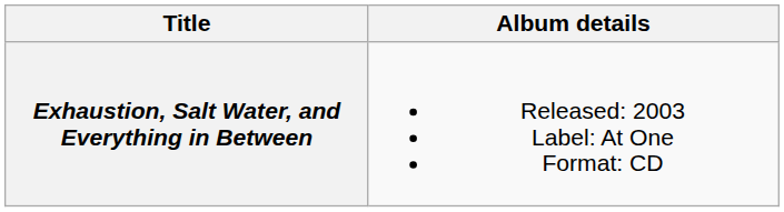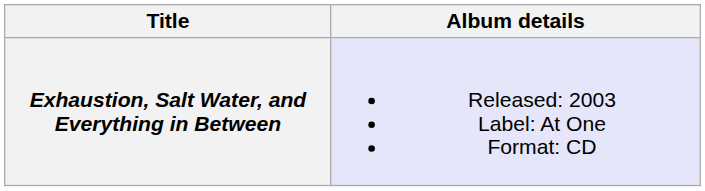 <table class="wikitable plainrowheaders" style="text-align:center;">
 <tr>
 <th scope="col" style="width:15em;">Title</th>
 <th scope="col" style="width:17em;">Album details</th>
 </tr>
 <tr>
 <th scope="row"><em>Exhaustion, Salt Water, and<br>Everything in Between</em></th>
-<td><br><ul><li>Released: 2003</li><li>Label: At One</li><li>Format: CD</li></ul></td>
+<td style="background: lavender;"><br><ul><li>Released: 2003</li><li>Label: At One</li><li>Format: CD</li></ul></td>
 </tr>
 </table>
